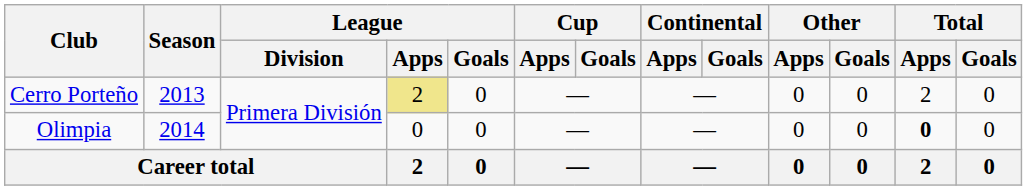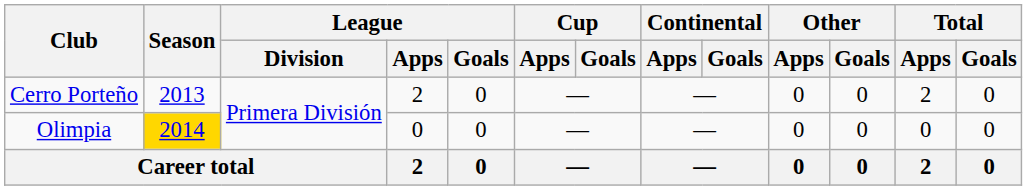 <table class="wikitable" style="text-align:center">
 <tr>
 <th rowspan="2">Club</th>
 <th rowspan="2">Season</th>
 <th colspan="3">League</th>
 <th colspan="2">Cup</th>
 <th colspan="2">Continental</th>
 <th colspan="2">Other</th>
 <th colspan="2">Total</th>
 </tr>
 <tr>
 <th>Division</th>
 <th>Apps</th>
 <th>Goals</th>
 <th>Apps</th>
 <th>Goals</th>
 <th>Apps</th>
 <th>Goals</th>
 <th>Apps</th>
 <th>Goals</th>
 <th>Apps</th>
 <th>Goals</th>
 </tr>
 <tr>
 <td rowspan="1"><a href='#'>Cerro Porteño</a></td>
 <td><a href='#'>2013</a></td>
 <td rowspan="2"><a href='#'>Primera División</a></td>
-<td style="background: khaki;">2</td>
+<td>2</td>
 <td>0</td>
 <td colspan="2">—</td>
 <td colspan="2">—</td>
 <td>0</td>
 <td>0</td>
 <td>2</td>
 <td>0</td>
 </tr>
 <tr>
 <td rowspan="1"><a href='#'>Olimpia</a></td>
-<td><a href='#'>2014</a></td>
+<td style="background: gold;"><a href='#'>2014</a></td>
 <td>0</td>
 <td>0</td>
 <td colspan="2">—</td>
 <td colspan="2">—</td>
 <td>0</td>
 <td>0</td>
-<td><strong>0</strong></td>
+<td>0</td>
 <td>0</td>
 </tr>
 <tr>
 <th colspan="3">Career total</th>
 <th>2</th>
 <th>0</th>
 <th colspan="2">—</th>
 <th colspan="2">—</th>
 <th>0</th>
 <th>0</th>
 <th>2</th>
 <th>0</th>
 </tr>
 </table>
